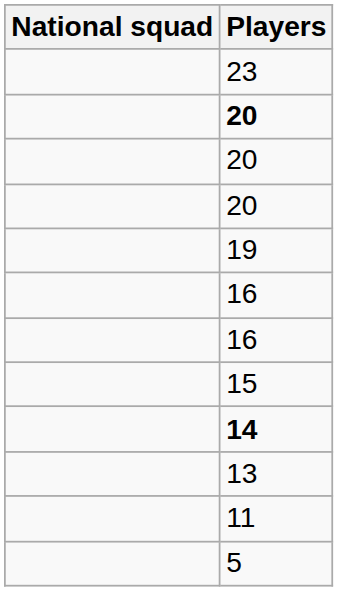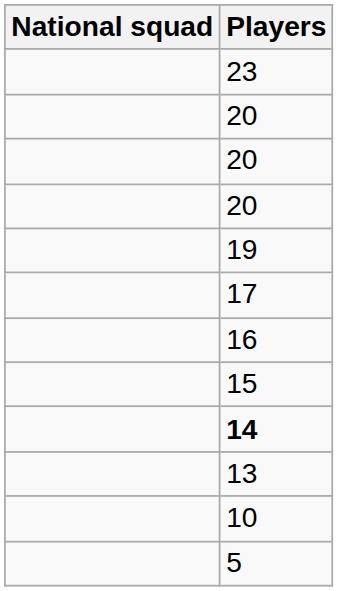 <table class="wikitable sortable">
 <tr>
 <th>National squad</th>
 <th>Players</th>
 </tr>
 <tr>
 <td></td>
 <td>23</td>
 </tr>
 <tr>
 <td></td>
-<td><strong>20</strong></td>
+<td>20</td>
 </tr>
 <tr>
 <td></td>
 <td>20</td>
 </tr>
 <tr>
 <td></td>
 <td>20</td>
 </tr>
 <tr>
 <td></td>
 <td>19</td>
 </tr>
 <tr>
 <td></td>
-<td>16</td>
+<td>17</td>
 </tr>
 <tr>
 <td></td>
 <td>16</td>
 </tr>
 <tr>
 <td></td>
 <td>15</td>
 </tr>
 <tr>
 <td></td>
 <td><strong>14</strong></td>
 </tr>
 <tr>
 <td></td>
 <td>13</td>
 </tr>
 <tr>
 <td></td>
-<td>11</td>
+<td>10</td>
 </tr>
 <tr>
 <td></td>
 <td>5</td>
 </tr>
 </table>
